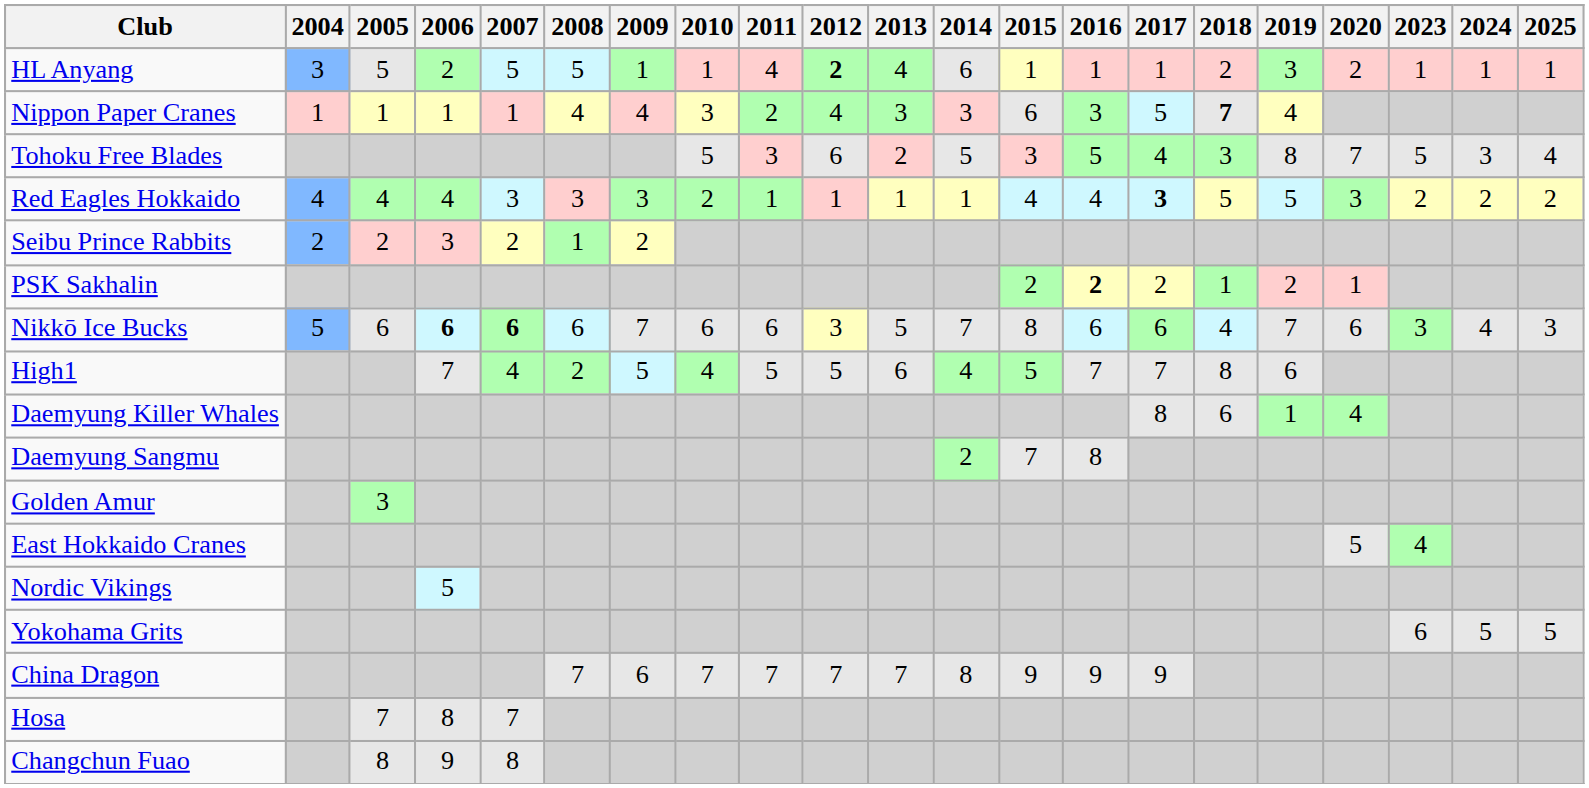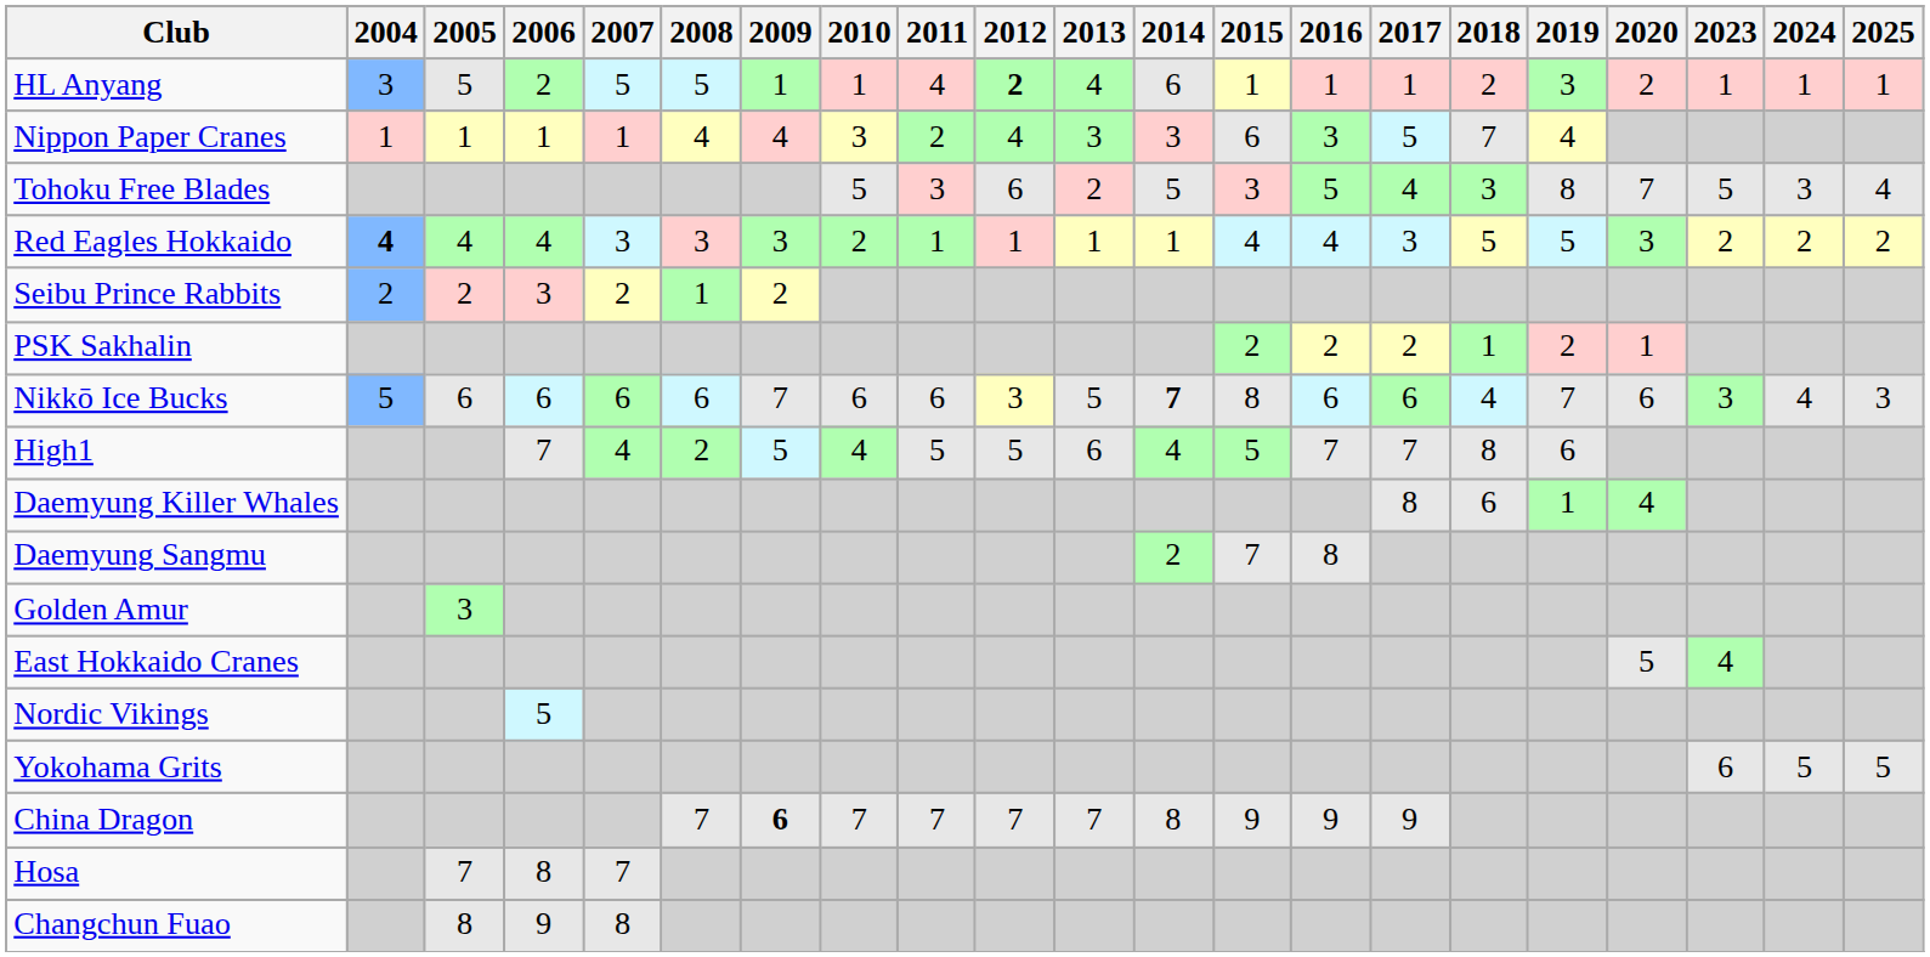 <table class="wikitable" style="font-size: 80%;">
 <tr>
 <th>Club</th>
 <th>2004</th>
 <th>2005</th>
 <th>2006</th>
 <th>2007</th>
 <th>2008</th>
 <th>2009</th>
 <th>2010</th>
 <th>2011</th>
 <th>2012</th>
 <th>2013</th>
 <th>2014</th>
 <th>2015</th>
 <th>2016</th>
 <th>2017</th>
 <th>2018</th>
 <th>2019</th>
 <th>2020</th>
 <th>2023</th>
 <th>2024</th>
 <th>2025</th>
 </tr>
 <tr align="center">
 <td align="left"> <a href='#'>HL Anyang</a></td>
 <td bgcolor="#80b8ff">3</td>
 <td bgcolor="#e7e7e7">5</td>
 <td bgcolor="#b0ffb0">2</td>
 <td bgcolor="#cff8ff">5</td>
 <td bgcolor="#cff8ff">5</td>
 <td bgcolor="#b0ffb0">1</td>
 <td bgcolor="#ffcfcf">1</td>
 <td bgcolor="#ffcfcf">4</td>
 <td bgcolor="#b0ffb0"><strong>2</strong></td>
 <td bgcolor="#b0ffb0">4</td>
 <td bgcolor="#e7e7e7">6</td>
 <td bgcolor="#ffffbf">1</td>
 <td bgcolor="#ffcfcf">1</td>
 <td bgcolor="#ffcfcf">1</td>
 <td bgcolor="#ffcfcf">2</td>
 <td bgcolor="#b0ffb0">3</td>
 <td bgcolor="#ffcfcf">2</td>
 <td bgcolor="#ffcfcf">1</td>
 <td bgcolor="#ffcfcf">1</td>
 <td bgcolor="#ffcfcf">1</td>
 </tr>
 <tr align="center">
 <td align="left"> <a href='#'>Nippon Paper Cranes</a></td>
 <td bgcolor="#ffcfcf">1</td>
 <td bgcolor="#ffffbf">1</td>
 <td bgcolor="#ffffbf">1</td>
 <td bgcolor="#ffcfcf">1</td>
 <td bgcolor="#ffffbf">4</td>
 <td bgcolor="#ffcfcf">4</td>
 <td bgcolor="#ffffbf">3</td>
 <td bgcolor="#b0ffb0">2</td>
 <td bgcolor="#b0ffb0">4</td>
 <td bgcolor="#b0ffb0">3</td>
 <td bgcolor="#ffcfcf">3</td>
 <td bgcolor="#e7e7e7">6</td>
 <td bgcolor="#b0ffb0">3</td>
 <td bgcolor="#cff8ff">5</td>
-<td bgcolor="#e7e7e7"><strong>7</strong></td>
+<td bgcolor="#e7e7e7">7</td>
 <td bgcolor="#ffffbf">4</td>
 <td bgcolor="#d0d0d0"></td>
 <td bgcolor="#d0d0d0"></td>
 <td bgcolor="#d0d0d0"></td>
 <td bgcolor="#d0d0d0"></td>
 </tr>
 <tr align="center">
 <td align="left"> <a href='#'>Tohoku Free Blades</a></td>
 <td bgcolor="#d0d0d0"></td>
 <td bgcolor="#d0d0d0"></td>
 <td bgcolor="#d0d0d0"></td>
 <td bgcolor="#d0d0d0"></td>
 <td bgcolor="#d0d0d0"></td>
 <td bgcolor="#d0d0d0"></td>
 <td bgcolor="#e7e7e7">5</td>
 <td bgcolor="#ffcfcf">3</td>
 <td bgcolor="#e7e7e7">6</td>
 <td bgcolor="#ffcfcf">2</td>
 <td bgcolor="#e7e7e7">5</td>
 <td bgcolor="#ffcfcf">3</td>
 <td bgcolor="#b0ffb0">5</td>
 <td bgcolor="#b0ffb0">4</td>
 <td bgcolor="#b0ffb0">3</td>
 <td bgcolor="#e7e7e7">8</td>
 <td bgcolor="#e7e7e7">7</td>
 <td bgcolor="#e7e7e7">5</td>
 <td bgcolor="#e7e7e7">3</td>
 <td bgcolor="#e7e7e7">4</td>
 </tr>
 <tr align="center">
 <td align="left"> <a href='#'>Red Eagles Hokkaido</a></td>
-<td bgcolor="#80b8ff">4</td>
+<td bgcolor="#80b8ff"><strong>4</strong></td>
 <td bgcolor="#b0ffb0">4</td>
 <td bgcolor="#b0ffb0">4</td>
 <td bgcolor="#cff8ff">3</td>
 <td bgcolor="#ffcfcf">3</td>
 <td bgcolor="#b0ffb0">3</td>
 <td bgcolor="#b0ffb0">2</td>
 <td bgcolor="#b0ffb0">1</td>
 <td bgcolor="#ffcfcf">1</td>
 <td bgcolor="#ffffbf">1</td>
 <td bgcolor="#ffffbf">1</td>
 <td bgcolor="#cff8ff">4</td>
 <td bgcolor="#cff8ff">4</td>
-<td bgcolor="#cff8ff"><strong>3</strong></td>
+<td bgcolor="#cff8ff">3</td>
 <td bgcolor="#ffffbf">5</td>
 <td bgcolor="#cff8ff">5</td>
 <td bgcolor="#b0ffb0">3</td>
 <td bgcolor="#ffffbf">2</td>
 <td bgcolor="#ffffbf">2</td>
 <td bgcolor="#ffffbf">2</td>
 </tr>
 <tr align="center">
 <td align="left"> <a href='#'>Seibu Prince Rabbits</a></td>
 <td bgcolor="#80b8ff">2</td>
 <td bgcolor="#ffcfcf">2</td>
 <td bgcolor="#ffcfcf">3</td>
 <td bgcolor="#ffffbf">2</td>
 <td bgcolor="#b0ffb0">1</td>
 <td bgcolor="#ffffbf">2</td>
 <td bgcolor="#d0d0d0"></td>
 <td bgcolor="#d0d0d0"></td>
 <td bgcolor="#d0d0d0"></td>
 <td bgcolor="#d0d0d0"></td>
 <td bgcolor="#d0d0d0"></td>
 <td bgcolor="#d0d0d0"></td>
 <td bgcolor="#d0d0d0"></td>
 <td bgcolor="#d0d0d0"></td>
 <td bgcolor="#d0d0d0"></td>
 <td bgcolor="#d0d0d0"></td>
 <td bgcolor="#d0d0d0"></td>
 <td bgcolor="#d0d0d0"></td>
 <td bgcolor="#d0d0d0"></td>
 <td bgcolor="#d0d0d0"></td>
 </tr>
 <tr align="center">
 <td align="left"> <a href='#'>PSK Sakhalin</a></td>
 <td bgcolor="#d0d0d0"></td>
 <td bgcolor="#d0d0d0"></td>
 <td bgcolor="#d0d0d0"></td>
 <td bgcolor="#d0d0d0"></td>
 <td bgcolor="#d0d0d0"></td>
 <td bgcolor="#d0d0d0"></td>
 <td bgcolor="#d0d0d0"></td>
 <td bgcolor="#d0d0d0"></td>
 <td bgcolor="#d0d0d0"></td>
 <td bgcolor="#d0d0d0"></td>
 <td bgcolor="#d0d0d0"></td>
 <td bgcolor="#b0ffb0">2</td>
-<td bgcolor="#ffffbf"><strong>2</strong></td>
+<td bgcolor="#ffffbf">2</td>
 <td bgcolor="#ffffbf">2</td>
 <td bgcolor="#b0ffb0">1</td>
 <td bgcolor="#ffcfcf">2</td>
 <td bgcolor="#ffcfcf">1</td>
 <td bgcolor="#d0d0d0"></td>
 <td bgcolor="#d0d0d0"></td>
 <td bgcolor="#d0d0d0"></td>
 </tr>
 <tr align="center">
 <td align="left"> <a href='#'>Nikkō Ice Bucks</a></td>
 <td bgcolor="#80b8ff">5</td>
 <td bgcolor="#e7e7e7">6</td>
-<td bgcolor="#cff8ff"><strong>6</strong></td>
-<td bgcolor="#b0ffb0"><strong>6</strong></td>
+<td bgcolor="#cff8ff">6</td>
+<td bgcolor="#b0ffb0">6</td>
 <td bgcolor="#cff8ff">6</td>
 <td bgcolor="#e7e7e7">7</td>
 <td bgcolor="#e7e7e7">6</td>
 <td bgcolor="#e7e7e7">6</td>
 <td bgcolor="#ffffbf">3</td>
 <td bgcolor="#e7e7e7">5</td>
-<td bgcolor="#e7e7e7">7</td>
+<td bgcolor="#e7e7e7"><strong>7</strong></td>
 <td bgcolor="#e7e7e7">8</td>
 <td bgcolor="#cff8ff">6</td>
 <td bgcolor="#b0ffb0">6</td>
 <td bgcolor="#cff8ff">4</td>
 <td bgcolor="#e7e7e7">7</td>
 <td bgcolor="#e7e7e7">6</td>
 <td bgcolor="#b0ffb0">3</td>
 <td bgcolor="#e7e7e7">4</td>
 <td bgcolor="#e7e7e7">3</td>
 </tr>
 <tr align="center">
 <td align="left"> <a href='#'>High1</a></td>
 <td bgcolor="#d0d0d0"></td>
 <td bgcolor="#d0d0d0"></td>
 <td bgcolor="#e7e7e7">7</td>
 <td bgcolor="#b0ffb0">4</td>
 <td bgcolor="#b0ffb0">2</td>
 <td bgcolor="#cff8ff">5</td>
 <td bgcolor="#b0ffb0">4</td>
 <td bgcolor="#e7e7e7">5</td>
 <td bgcolor="#e7e7e7">5</td>
 <td bgcolor="#e7e7e7">6</td>
 <td bgcolor="#b0ffb0">4</td>
 <td bgcolor="#b0ffb0">5</td>
 <td bgcolor="#e7e7e7">7</td>
 <td bgcolor="#e7e7e7">7</td>
 <td bgcolor="#e7e7e7">8</td>
 <td bgcolor="#e7e7e7">6</td>
 <td bgcolor="#d0d0d0"></td>
 <td bgcolor="#d0d0d0"></td>
 <td bgcolor="#d0d0d0"></td>
 <td bgcolor="#d0d0d0"></td>
 </tr>
 <tr align="center">
 <td align="left"> <a href='#'>Daemyung Killer Whales</a></td>
 <td bgcolor="#d0d0d0"></td>
 <td bgcolor="#d0d0d0"></td>
 <td bgcolor="#d0d0d0"></td>
 <td bgcolor="#d0d0d0"></td>
 <td bgcolor="#d0d0d0"></td>
 <td bgcolor="#d0d0d0"></td>
 <td bgcolor="#d0d0d0"></td>
 <td bgcolor="#d0d0d0"></td>
 <td bgcolor="#d0d0d0"></td>
 <td bgcolor="#d0d0d0"></td>
 <td bgcolor="#d0d0d0"></td>
 <td bgcolor="#d0d0d0"></td>
 <td bgcolor="#d0d0d0"></td>
 <td bgcolor="#e7e7e7">8</td>
 <td bgcolor="#e7e7e7">6</td>
 <td bgcolor="#b0ffb0">1</td>
 <td bgcolor="#b0ffb0">4</td>
 <td bgcolor="#d0d0d0"></td>
 <td bgcolor="#d0d0d0"></td>
 <td bgcolor="#d0d0d0"></td>
 </tr>
 <tr align="center">
 <td align="left"> <a href='#'>Daemyung Sangmu</a></td>
 <td bgcolor="#d0d0d0"></td>
 <td bgcolor="#d0d0d0"></td>
 <td bgcolor="#d0d0d0"></td>
 <td bgcolor="#d0d0d0"></td>
 <td bgcolor="#d0d0d0"></td>
 <td bgcolor="#d0d0d0"></td>
 <td bgcolor="#d0d0d0"></td>
 <td bgcolor="#d0d0d0"></td>
 <td bgcolor="#d0d0d0"></td>
 <td bgcolor="#d0d0d0"></td>
 <td bgcolor="#b0ffb0">2</td>
 <td bgcolor="#e7e7e7">7</td>
 <td bgcolor="#e7e7e7">8</td>
 <td bgcolor="#d0d0d0"></td>
 <td bgcolor="#d0d0d0"></td>
 <td bgcolor="#d0d0d0"></td>
 <td bgcolor="#d0d0d0"></td>
 <td bgcolor="#d0d0d0"></td>
 <td bgcolor="#d0d0d0"></td>
 <td bgcolor="#d0d0d0"></td>
 </tr>
 <tr align="center">
 <td align="left"> <a href='#'>Golden Amur</a></td>
 <td bgcolor="#d0d0d0"></td>
 <td bgcolor="#b0ffb0">3</td>
 <td bgcolor="#d0d0d0"></td>
 <td bgcolor="#d0d0d0"></td>
 <td bgcolor="#d0d0d0"></td>
 <td bgcolor="#d0d0d0"></td>
 <td bgcolor="#d0d0d0"></td>
 <td bgcolor="#d0d0d0"></td>
 <td bgcolor="#d0d0d0"></td>
 <td bgcolor="#d0d0d0"></td>
 <td bgcolor="#d0d0d0"></td>
 <td bgcolor="#d0d0d0"></td>
 <td bgcolor="#d0d0d0"></td>
 <td bgcolor="#d0d0d0"></td>
 <td bgcolor="#d0d0d0"></td>
 <td bgcolor="#d0d0d0"></td>
 <td bgcolor="#d0d0d0"></td>
 <td bgcolor="#d0d0d0"></td>
 <td bgcolor="#d0d0d0"></td>
 <td bgcolor="#d0d0d0"></td>
 </tr>
 <tr align="center">
 <td align="left"> <a href='#'>East Hokkaido Cranes</a></td>
 <td bgcolor="#d0d0d0"></td>
 <td bgcolor="#d0d0d0"></td>
 <td bgcolor="#d0d0d0"></td>
 <td bgcolor="#d0d0d0"></td>
 <td bgcolor="#d0d0d0"></td>
 <td bgcolor="#d0d0d0"></td>
 <td bgcolor="#d0d0d0"></td>
 <td bgcolor="#d0d0d0"></td>
 <td bgcolor="#d0d0d0"></td>
 <td bgcolor="#d0d0d0"></td>
 <td bgcolor="#d0d0d0"></td>
 <td bgcolor="#d0d0d0"></td>
 <td bgcolor="#d0d0d0"></td>
 <td bgcolor="#d0d0d0"></td>
 <td bgcolor="#d0d0d0"></td>
 <td bgcolor="#d0d0d0"></td>
 <td bgcolor="#e7e7e7">5</td>
 <td bgcolor="#b0ffb0">4</td>
 <td bgcolor="#d0d0d0"></td>
 <td bgcolor="#d0d0d0"></td>
 </tr>
 <tr align="center">
 <td align="left"> <a href='#'>Nordic Vikings</a></td>
 <td bgcolor="#d0d0d0"></td>
 <td bgcolor="#d0d0d0"></td>
 <td bgcolor="#cff8ff">5</td>
 <td bgcolor="#d0d0d0"></td>
 <td bgcolor="#d0d0d0"></td>
 <td bgcolor="#d0d0d0"></td>
 <td bgcolor="#d0d0d0"></td>
 <td bgcolor="#d0d0d0"></td>
 <td bgcolor="#d0d0d0"></td>
 <td bgcolor="#d0d0d0"></td>
 <td bgcolor="#d0d0d0"></td>
 <td bgcolor="#d0d0d0"></td>
 <td bgcolor="#d0d0d0"></td>
 <td bgcolor="#d0d0d0"></td>
 <td bgcolor="#d0d0d0"></td>
 <td bgcolor="#d0d0d0"></td>
 <td bgcolor="#d0d0d0"></td>
 <td bgcolor="#d0d0d0"></td>
 <td bgcolor="#d0d0d0"></td>
 <td bgcolor="#d0d0d0"></td>
 </tr>
 <tr align="center">
 <td align="left"> <a href='#'>Yokohama Grits</a></td>
 <td bgcolor="#d0d0d0"></td>
 <td bgcolor="#d0d0d0"></td>
 <td bgcolor="#d0d0d0"></td>
 <td bgcolor="#d0d0d0"></td>
 <td bgcolor="#d0d0d0"></td>
 <td bgcolor="#d0d0d0"></td>
 <td bgcolor="#d0d0d0"></td>
 <td bgcolor="#d0d0d0"></td>
 <td bgcolor="#d0d0d0"></td>
 <td bgcolor="#d0d0d0"></td>
 <td bgcolor="#d0d0d0"></td>
 <td bgcolor="#d0d0d0"></td>
 <td bgcolor="#d0d0d0"></td>
 <td bgcolor="#d0d0d0"></td>
 <td bgcolor="#d0d0d0"></td>
 <td bgcolor="#d0d0d0"></td>
 <td bgcolor="#d0d0d0"></td>
 <td bgcolor="#e7e7e7">6</td>
 <td bgcolor="#e7e7e7">5</td>
 <td bgcolor="#e7e7e7">5</td>
 </tr>
 <tr align="center">
 <td align="left"> <a href='#'>China Dragon</a></td>
 <td bgcolor="#d0d0d0"></td>
 <td bgcolor="#d0d0d0"></td>
 <td bgcolor="#d0d0d0"></td>
 <td bgcolor="#d0d0d0"></td>
 <td bgcolor="#e7e7e7">7</td>
-<td bgcolor="#e7e7e7">6</td>
+<td bgcolor="#e7e7e7"><strong>6</strong></td>
 <td bgcolor="#e7e7e7">7</td>
 <td bgcolor="#e7e7e7">7</td>
 <td bgcolor="#e7e7e7">7</td>
 <td bgcolor="#e7e7e7">7</td>
 <td bgcolor="#e7e7e7">8</td>
 <td bgcolor="#e7e7e7">9</td>
 <td bgcolor="#e7e7e7">9</td>
 <td bgcolor="#e7e7e7">9</td>
 <td bgcolor="#d0d0d0"></td>
 <td bgcolor="#d0d0d0"></td>
 <td bgcolor="#d0d0d0"></td>
 <td bgcolor="#d0d0d0"></td>
 <td bgcolor="#d0d0d0"></td>
 <td bgcolor="#d0d0d0"></td>
 </tr>
 <tr align="center">
 <td align="left"> <a href='#'>Hosa</a></td>
 <td bgcolor="#d0d0d0"></td>
 <td bgcolor="#e7e7e7">7</td>
 <td bgcolor="#e7e7e7">8</td>
 <td bgcolor="#e7e7e7">7</td>
 <td bgcolor="#d0d0d0"></td>
 <td bgcolor="#d0d0d0"></td>
 <td bgcolor="#d0d0d0"></td>
 <td bgcolor="#d0d0d0"></td>
 <td bgcolor="#d0d0d0"></td>
 <td bgcolor="#d0d0d0"></td>
 <td bgcolor="#d0d0d0"></td>
 <td bgcolor="#d0d0d0"></td>
 <td bgcolor="#d0d0d0"></td>
 <td bgcolor="#d0d0d0"></td>
 <td bgcolor="#d0d0d0"></td>
 <td bgcolor="#d0d0d0"></td>
 <td bgcolor="#d0d0d0"></td>
 <td bgcolor="#d0d0d0"></td>
 <td bgcolor="#d0d0d0"></td>
 <td bgcolor="#d0d0d0"></td>
 </tr>
 <tr align="center">
 <td align="left"> <a href='#'>Changchun Fuao</a></td>
 <td bgcolor="#d0d0d0"></td>
 <td bgcolor="#e7e7e7">8</td>
 <td bgcolor="#e7e7e7">9</td>
 <td bgcolor="#e7e7e7">8</td>
 <td bgcolor="#d0d0d0"></td>
 <td bgcolor="#d0d0d0"></td>
 <td bgcolor="#d0d0d0"></td>
 <td bgcolor="#d0d0d0"></td>
 <td bgcolor="#d0d0d0"></td>
 <td bgcolor="#d0d0d0"></td>
 <td bgcolor="#d0d0d0"></td>
 <td bgcolor="#d0d0d0"></td>
 <td bgcolor="#d0d0d0"></td>
 <td bgcolor="#d0d0d0"></td>
 <td bgcolor="#d0d0d0"></td>
 <td bgcolor="#d0d0d0"></td>
 <td bgcolor="#d0d0d0"></td>
 <td bgcolor="#d0d0d0"></td>
 <td bgcolor="#d0d0d0"></td>
 <td bgcolor="#d0d0d0"></td>
 </tr>
 <tr>
 </tr>
 </table>
